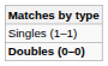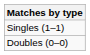 <table class="wikitable" style=font-size:90%>
 <tr>
 <th>Matches by type</th>
 </tr>
 <tr>
 <td>Singles (1–1)</td>
 </tr>
 <tr>
-<td><strong>Doubles (0–0)</strong></td>
+<td>Doubles (0–0)</td>
 </tr>
 </table>
